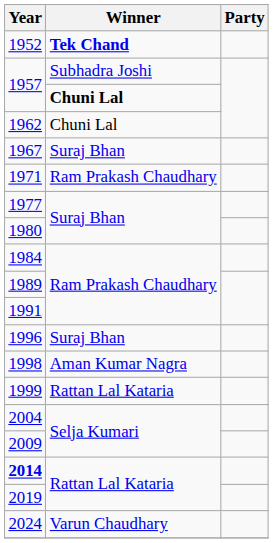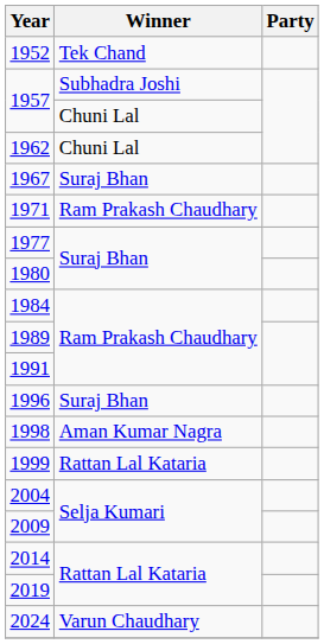 <table class="wikitable">
 <tr>
 <th>Year</th>
 <th>Winner</th>
 <th colspan="2">Party</th>
 </tr>
 <tr>
 <td><a href='#'>1952</a></td>
-<td><strong><a href='#'>Tek Chand</a></strong></td>
+<td><a href='#'>Tek Chand</a></td>
 <td></td>
 </tr>
 <tr>
 <td rowspan="2"><a href='#'>1957</a></td>
 <td><a href='#'>Subhadra Joshi</a></td>
 </tr>
 <tr>
-<td><strong>Chuni Lal</strong></td>
+<td>Chuni Lal</td>
 </tr>
 <tr>
 <td><a href='#'>1962</a></td>
 <td>Chuni Lal</td>
 </tr>
 <tr>
 <td><a href='#'>1967</a></td>
 <td><a href='#'>Suraj Bhan</a></td>
 <td></td>
 </tr>
 <tr>
 <td><a href='#'>1971</a></td>
 <td><a href='#'>Ram Prakash Chaudhary</a></td>
 <td></td>
 </tr>
 <tr>
 <td><a href='#'>1977</a></td>
 <td rowspan="2"><a href='#'>Suraj Bhan</a></td>
 <td></td>
 </tr>
 <tr>
 <td><a href='#'>1980</a></td>
 </tr>
 <tr>
 <td><a href='#'>1984</a></td>
 <td rowspan="3"><a href='#'>Ram Prakash Chaudhary</a></td>
 <td></td>
 </tr>
 <tr>
 <td><a href='#'>1989</a></td>
 </tr>
 <tr>
 <td><a href='#'>1991</a></td>
 </tr>
 <tr>
 <td><a href='#'>1996</a></td>
 <td><a href='#'>Suraj Bhan</a></td>
 <td></td>
 </tr>
 <tr>
 <td><a href='#'>1998</a></td>
 <td><a href='#'>Aman Kumar Nagra</a></td>
 <td></td>
 </tr>
 <tr>
 <td><a href='#'>1999</a></td>
 <td><a href='#'>Rattan Lal Kataria</a></td>
 <td></td>
 </tr>
 <tr>
 <td><a href='#'>2004</a></td>
 <td rowspan="2"><a href='#'>Selja Kumari</a></td>
 <td></td>
 </tr>
 <tr>
 <td><a href='#'>2009</a></td>
 </tr>
 <tr>
-<td><strong><a href='#'>2014</a></strong></td>
+<td><a href='#'>2014</a></td>
 <td rowspan="2"><a href='#'>Rattan Lal Kataria</a></td>
 <td></td>
 </tr>
 <tr>
 <td><a href='#'>2019</a></td>
 </tr>
 <tr>
 <td><a href='#'>2024</a></td>
 <td><a href='#'>Varun Chaudhary</a></td>
 <td></td>
 </tr>
 <tr>
 </tr>
 </table>
